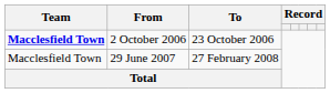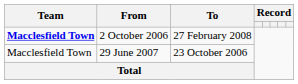 <table class=wikitable style="text-align: center">
 <tr>
 <th rowspan=2>Team</th>
 <th rowspan=2>From</th>
 <th rowspan=2>To</th>
 <th colspan=5>Record</th>
 </tr>
 <tr>
 <th></th>
 <th></th>
 <th></th>
 <th></th>
 <th></th>
 </tr>
 <tr>
 <td align=left><strong><a href='#'>Macclesfield Town</a></strong></td>
 <td align=left>2 October 2006</td>
-<td align=left>23 October 2006<br></td>
+<td align=left>27 February 2008<br></td>
 </tr>
 <tr>
 <td align=left>Macclesfield Town</td>
 <td align=left>29 June 2007</td>
-<td align=left>27 February 2008<br></td>
+<td align=left>23 October 2006<br></td>
 </tr>
 <tr>
 <th colspan=3>Total<br></th>
 </tr>
 </table>
